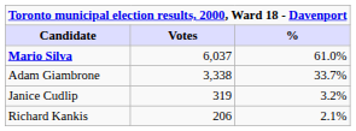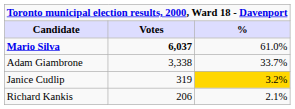 <table class="wikitable">
 <tr>
 <td colspan="3" style="text-align:center;"><strong><a href='#'>Toronto municipal election results, 2000</a>, Ward 18 - <a href='#'>Davenport</a></strong></td>
 </tr>
 <tr>
 <th style="background:#ddf; width:150px;">Candidate</th>
 <th style="background:#ddf;">Votes</th>
 <th style="background:#ddf;">%</th>
 </tr>
 <tr>
 <td><strong><a href='#'>Mario Silva</a></strong></td>
-<td align=right>6,037</td>
+<td align=right><strong>6,037</strong></td>
 <td align=right>61.0%</td>
 </tr>
 <tr>
 <td>Adam Giambrone</td>
 <td align=right>3,338</td>
 <td align=right>33.7%</td>
 </tr>
 <tr>
 <td>Janice Cudlip</td>
 <td align=right>319</td>
-<td align=right>3.2%</td>
+<td align=right style="background: gold;">3.2%</td>
 </tr>
 <tr>
 <td>Richard Kankis</td>
 <td align=right>206</td>
 <td align=right>2.1%</td>
 </tr>
 </table>
